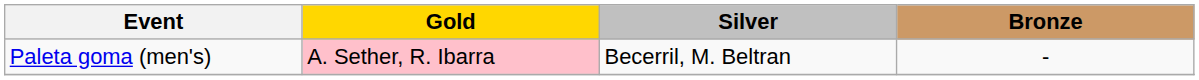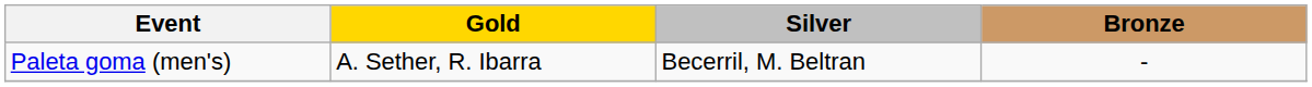 <table class="wikitable" style="max-width: 23cm; width: 100%">
 <tr>
 <th scope="col">Event</th>
 <th scope="col" style="background-color:gold; width:25%">Gold</th>
 <th scope="col" style="background-color:silver; width:25%; width:25%">Silver</th>
 <th scope="col" style="background-color:#cc9966; width:25%">Bronze</th>
 </tr>
 <tr>
 <td><a href='#'>Paleta goma</a> (men's)</td>
-<td style="background: pink;"> A. Sether, R. Ibarra</td>
+<td> A. Sether, R. Ibarra</td>
 <td> Becerril, M. Beltran</td>
 <td align=center>-</td>
 </tr>
 <tr>
 </tr>
 </table>
